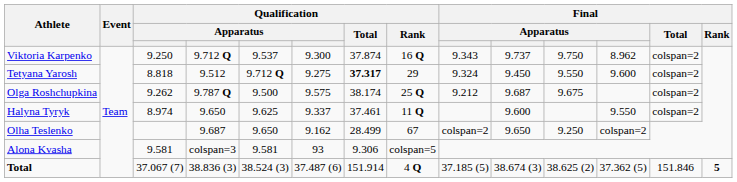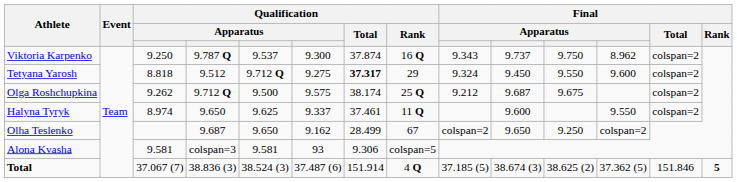 <table class="wikitable" style="font-size:90%">
 <tr>
 <th rowspan=3>Athlete</th>
 <th rowspan=3>Event</th>
 <th colspan=6>Qualification</th>
 <th colspan=6>Final</th>
 </tr>
 <tr style="font-size:95%">
 <th colspan=4>Apparatus</th>
 <th rowspan=2>Total</th>
 <th rowspan=2>Rank</th>
 <th colspan=4>Apparatus</th>
 <th rowspan=2>Total</th>
 <th rowspan=2>Rank</th>
 </tr>
 <tr style="font-size:95%">
 <th></th>
 <th></th>
 <th></th>
 <th></th>
 <th></th>
 <th></th>
 <th></th>
 <th></th>
 </tr>
 <tr align=center>
 <td align=left><a href='#'>Viktoria Karpenko</a></td>
 <td align=left rowspan=7><a href='#'>Team</a></td>
 <td>9.250</td>
-<td>9.712 <strong>Q</strong></td>
+<td>9.787	<strong>Q</strong></td>
 <td>9.537</td>
 <td>9.300</td>
 <td>37.874</td>
 <td>16 <strong>Q</strong></td>
 <td>9.343</td>
 <td>9.737</td>
 <td>9.750</td>
 <td>8.962</td>
 <td>colspan=2 </td>
 </tr>
 <tr align=center>
 <td align=left><a href='#'>Tetyana Yarosh</a></td>
 <td>8.818</td>
 <td>9.512</td>
 <td>9.712	<strong>Q</strong></td>
 <td>9.275</td>
 <td><strong>37.317</strong></td>
 <td>29</td>
 <td>9.324</td>
 <td>9.450</td>
 <td>9.550</td>
 <td>9.600</td>
 <td>colspan=2 </td>
 </tr>
 <tr align=center>
 <td align=left><a href='#'>Olga Roshchupkina</a></td>
 <td>9.262</td>
-<td>9.787	<strong>Q</strong></td>
+<td>9.712 <strong>Q</strong></td>
 <td>9.500</td>
 <td>9.575</td>
 <td>38.174</td>
 <td>25 <strong>Q</strong></td>
 <td>9.212</td>
 <td>9.687</td>
 <td>9.675</td>
 <td></td>
 <td>colspan=2 </td>
 </tr>
 <tr align=center>
 <td align=left><a href='#'>Halyna Tyryk</a></td>
 <td>8.974</td>
 <td>9.650</td>
 <td>9.625</td>
 <td>9.337</td>
 <td>37.461</td>
 <td>11 <strong>Q</strong></td>
 <td></td>
 <td>9.600</td>
 <td></td>
 <td>9.550</td>
 <td>colspan=2 </td>
 </tr>
 <tr align=center>
 <td align=left><a href='#'>Olha Teslenko</a></td>
 <td></td>
 <td>9.687</td>
 <td>9.650</td>
 <td>9.162</td>
 <td>28.499</td>
 <td>67</td>
 <td>colspan=2 </td>
 <td>9.650</td>
 <td>9.250</td>
 <td>colspan=2 </td>
 </tr>
 <tr align=center>
 <td align=left><a href='#'>Alona Kvasha</a></td>
 <td>9.581</td>
 <td>colspan=3 </td>
 <td>9.581</td>
 <td>93</td>
 <td>9.306</td>
 <td>colspan=5 </td>
 </tr>
 <tr align=center>
 <td align=left><strong>Total</strong></td>
 <td>37.067	(7)</td>
 <td>38.836	(3)</td>
 <td>38.524	(3)</td>
 <td>37.487	(6)</td>
 <td>151.914</td>
 <td>4 <strong>Q</strong></td>
 <td>37.185 (5)</td>
 <td>38.674 (3)</td>
 <td>38.625 (2)</td>
 <td>37.362 (5)</td>
 <td>151.846</td>
 <td><strong>5</strong></td>
 </tr>
 </table>
